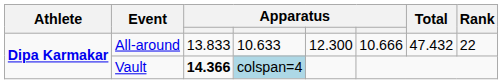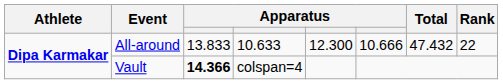 <table class="wikitable" style="font-size:90%">
 <tr>
 <th rowspan=2>Athlete</th>
 <th rowspan=2>Event</th>
 <th colspan=4>Apparatus</th>
 <th rowspan=2>Total</th>
 <th rowspan=2>Rank</th>
 </tr>
 <tr style="font-size:95%">
 <th></th>
 <th></th>
 <th></th>
 <th></th>
 </tr>
 <tr>
 <td align=left rowspan=2><strong><a href='#'>Dipa Karmakar</a></strong></td>
 <td align=left><a href='#'>All-around</a></td>
 <td>13.833</td>
 <td>10.633</td>
 <td>12.300</td>
 <td>10.666</td>
 <td>47.432</td>
 <td>22</td>
 </tr>
 <tr>
 <td align=left><a href='#'>Vault</a></td>
 <td><strong>14.366</strong></td>
-<td style="background: lightblue;">colspan=4 </td>
+<td>colspan=4 </td>
 <td></td>
 </tr>
 </table>
